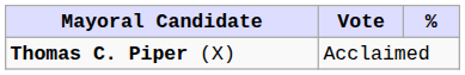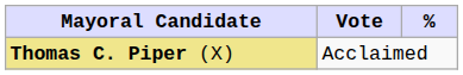 <table class="wikitable">
 <tr>
 <th style="background:#ddf; width:200px;">Mayoral Candidate</th>
 <th style="background:#ddf; width:50px;">Vote</th>
 <th style="background:#ddf; width:30px;">%</th>
 </tr>
 <tr>
-<td><strong>Thomas C. Piper</strong> (X)</td>
+<td style="background: khaki;"><strong>Thomas C. Piper</strong> (X)</td>
 <td colspan="2">Acclaimed</td>
 </tr>
 </table>
